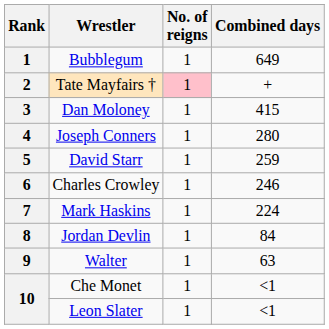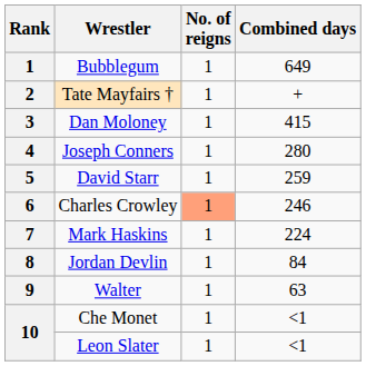 <table class="wikitable sortable" style="text-align: center">
 <tr>
 <th>Rank</th>
 <th>Wrestler</th>
 <th>No. of<br>reigns</th>
 <th>Combined days</th>
 </tr>
 <tr>
 <th>1</th>
 <td><a href='#'>Bubblegum</a></td>
 <td>1</td>
 <td>649</td>
 </tr>
 <tr>
 <th>2</th>
 <td style="background-color:#FFE6BD">Tate Mayfairs †</td>
-<td style="background: pink;">1</td>
+<td>1</td>
 <td>+</td>
 </tr>
 <tr>
 <th>3</th>
 <td><a href='#'>Dan Moloney</a></td>
 <td>1</td>
 <td>415</td>
 </tr>
 <tr>
 <th>4</th>
 <td><a href='#'>Joseph Conners</a></td>
 <td>1</td>
 <td>280</td>
 </tr>
 <tr>
 <th>5</th>
 <td><a href='#'>David Starr</a></td>
 <td>1</td>
 <td>259</td>
 </tr>
 <tr>
 <th>6</th>
 <td>Charles Crowley</td>
-<td>1</td>
+<td style="background: lightsalmon;">1</td>
 <td>246</td>
 </tr>
 <tr>
 <th>7</th>
 <td><a href='#'>Mark Haskins</a></td>
 <td>1</td>
 <td>224</td>
 </tr>
 <tr>
 <th>8</th>
 <td><a href='#'>Jordan Devlin</a></td>
 <td>1</td>
 <td>84</td>
 </tr>
 <tr>
 <th>9</th>
 <td><a href='#'>Walter</a></td>
 <td>1</td>
 <td>63</td>
 </tr>
 <tr>
 <th rowspan=2>10</th>
 <td>Che Monet</td>
 <td>1</td>
 <td><1</td>
 </tr>
 <tr>
 <td><a href='#'>Leon Slater</a></td>
 <td>1</td>
 <td><1</td>
 </tr>
 </table>
